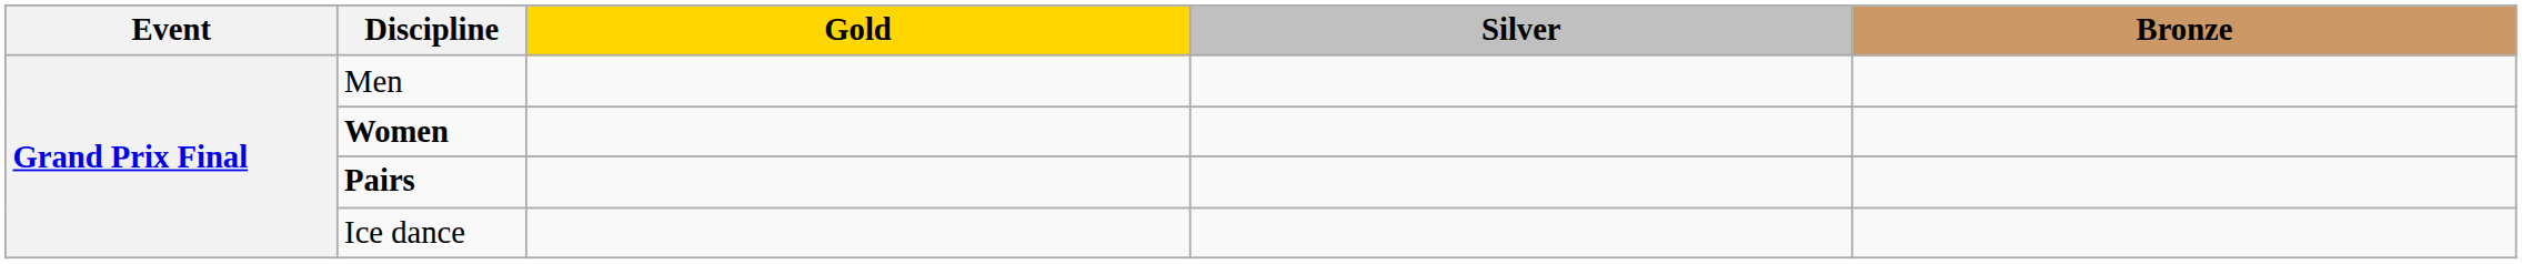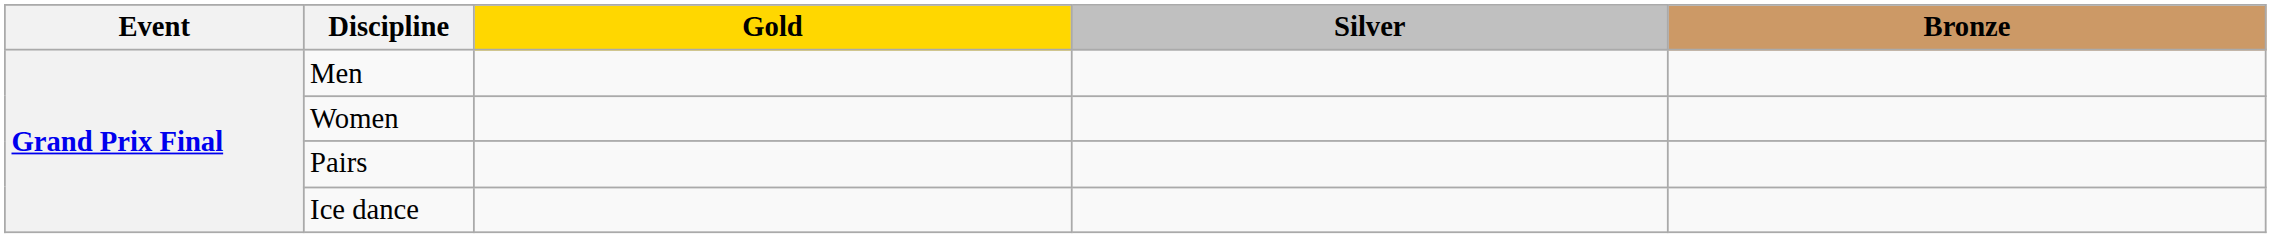 <table class="wikitable unsortable" style="text-align:left; width:100%;">
 <tr>
 <th scope="col" style="width:10%">Event</th>
 <th scope="col" style="width:5%">Discipline</th>
 <td scope="col" style="text-align:center; width:20%; background:gold"><strong>Gold</strong></td>
 <td scope="col" style="text-align:center; width:20%; background:silver"><strong>Silver</strong></td>
 <td scope="col" style="text-align:center; width:20%; background:#c96"><strong>Bronze</strong></td>
 </tr>
 <tr>
 <th scope="row" style="text-align:left" rowspan="4"> <a href='#'>Grand Prix Final</a></th>
 <td>Men</td>
 <td></td>
 <td></td>
 <td></td>
 </tr>
 <tr>
-<td><strong>Women</strong></td>
+<td>Women</td>
 <td></td>
 <td></td>
 <td></td>
 </tr>
 <tr>
-<td><strong>Pairs</strong></td>
+<td>Pairs</td>
 <td></td>
 <td></td>
 <td></td>
 </tr>
 <tr>
 <td>Ice dance</td>
 <td></td>
 <td></td>
 <td></td>
 </tr>
 </table>
